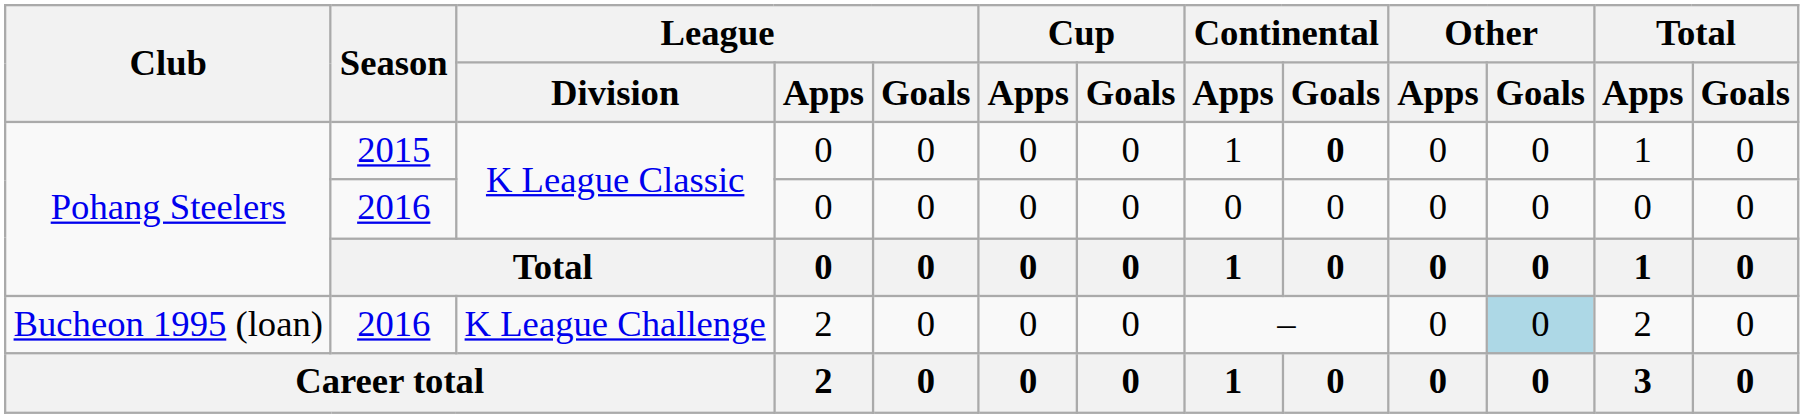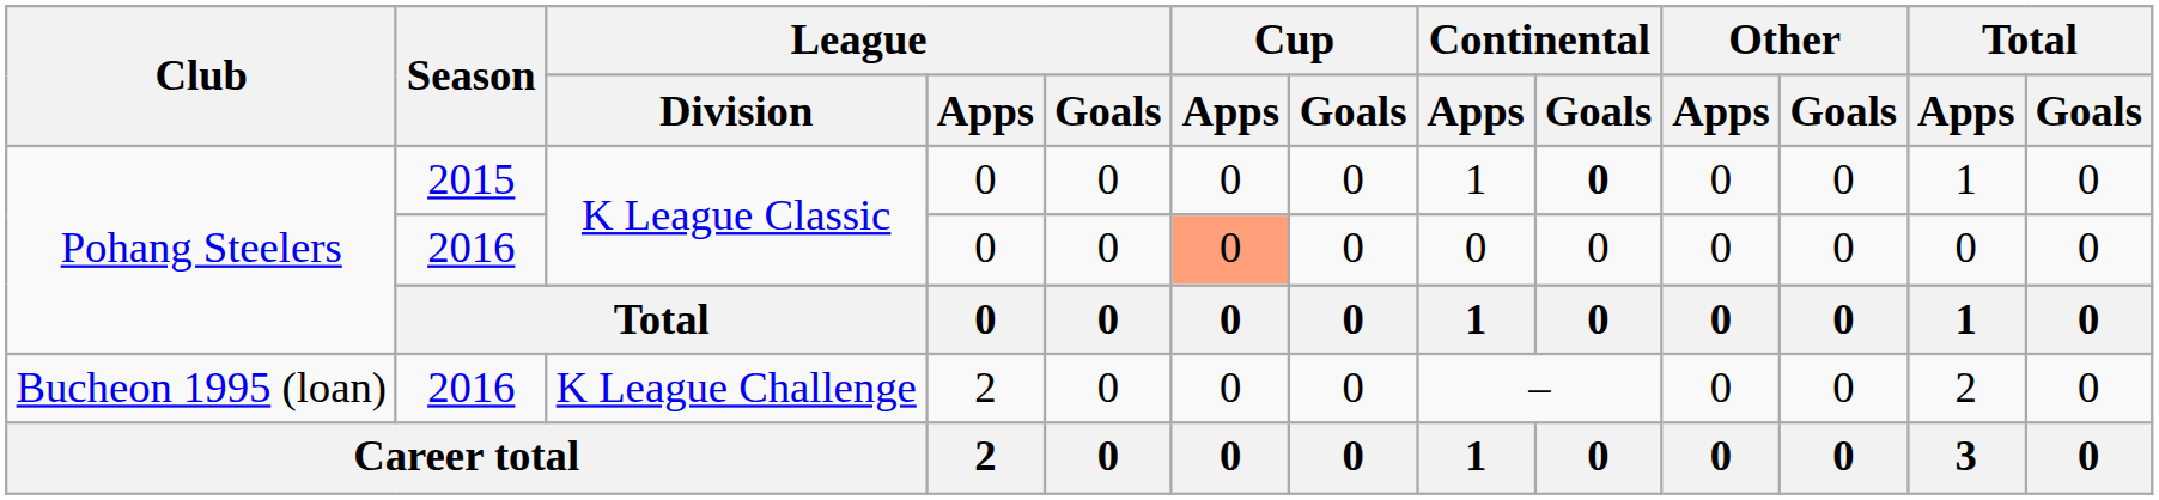 <table class="wikitable" style="text-align: center">
 <tr>
 <th rowspan="2">Club</th>
 <th rowspan="2">Season</th>
 <th colspan="3">League</th>
 <th colspan="2">Cup</th>
 <th colspan="2">Continental</th>
 <th colspan="2">Other</th>
 <th colspan="2">Total</th>
 </tr>
 <tr>
 <th>Division</th>
 <th>Apps</th>
 <th>Goals</th>
 <th>Apps</th>
 <th>Goals</th>
 <th>Apps</th>
 <th>Goals</th>
 <th>Apps</th>
 <th>Goals</th>
 <th>Apps</th>
 <th>Goals</th>
 </tr>
 <tr>
 <td rowspan="3"><a href='#'>Pohang Steelers</a></td>
 <td><a href='#'>2015</a></td>
 <td rowspan="2"><a href='#'>K League Classic</a></td>
 <td>0</td>
 <td>0</td>
 <td>0</td>
 <td>0</td>
 <td>1</td>
 <td><strong>0</strong></td>
 <td>0</td>
 <td>0</td>
 <td>1</td>
 <td>0</td>
 </tr>
 <tr>
 <td><a href='#'>2016</a></td>
 <td>0</td>
 <td>0</td>
-<td>0</td>
+<td style="background: lightsalmon;">0</td>
 <td>0</td>
 <td>0</td>
 <td>0</td>
 <td>0</td>
 <td>0</td>
 <td>0</td>
 <td>0</td>
 </tr>
 <tr>
 <th colspan=2>Total</th>
 <th>0</th>
 <th>0</th>
 <th>0</th>
 <th>0</th>
 <th>1</th>
 <th>0</th>
 <th>0</th>
 <th>0</th>
 <th>1</th>
 <th>0</th>
 </tr>
 <tr>
 <td><a href='#'>Bucheon 1995</a> (loan)</td>
 <td><a href='#'>2016</a></td>
 <td><a href='#'>K League Challenge</a></td>
 <td>2</td>
 <td>0</td>
 <td>0</td>
 <td>0</td>
 <td colspan="2">–</td>
 <td>0</td>
-<td style="background: lightblue;">0</td>
+<td>0</td>
 <td>2</td>
 <td>0</td>
 </tr>
 <tr>
 <th colspan=3>Career total</th>
 <th>2</th>
 <th>0</th>
 <th>0</th>
 <th>0</th>
 <th>1</th>
 <th>0</th>
 <th>0</th>
 <th>0</th>
 <th>3</th>
 <th>0</th>
 </tr>
 </table>
